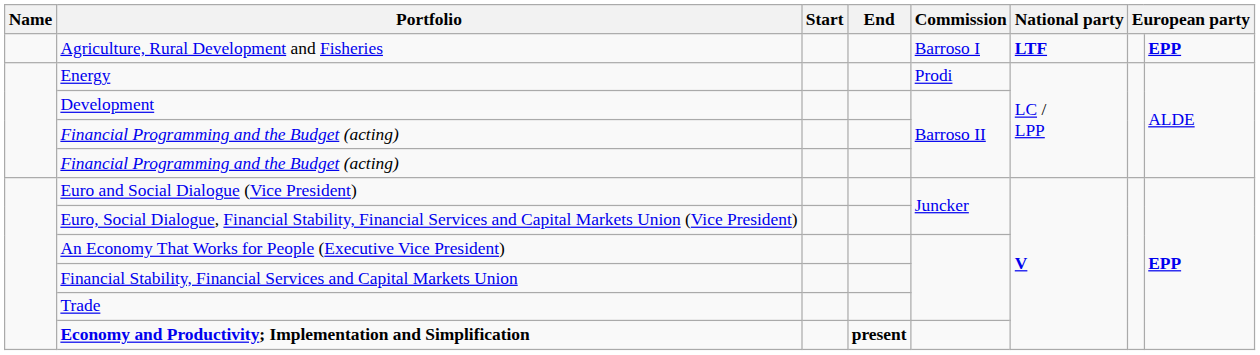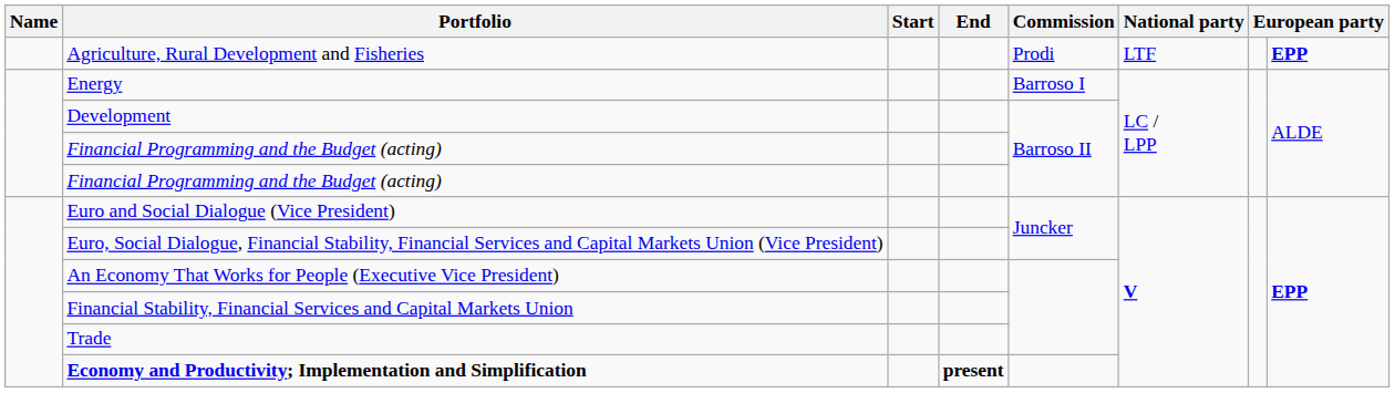 <table class="wikitable sortable" style="font-size: 90%;">
 <tr>
 <th>Name</th>
 <th>Portfolio</th>
 <th>Start</th>
 <th>End</th>
 <th>Commission</th>
 <th>National party</th>
 <th colspan=2>European party</th>
 </tr>
 <tr>
 <td></td>
 <td><a href='#'>Agriculture, Rural Development</a> and <a href='#'>Fisheries</a></td>
 <td></td>
 <td></td>
-<td><a href='#'>Barroso I</a></td>
-<td><strong><a href='#'>LTF</a></strong></td>
+<td><a href='#'>Prodi</a></td>
+<td><a href='#'>LTF</a></td>
 <td style="background:"></td>
 <td><strong><a href='#'>EPP</a></strong></td>
 </tr>
 <tr>
 <td rowspan=4></td>
 <td><a href='#'>Energy</a></td>
 <td></td>
 <td></td>
-<td><a href='#'>Prodi</a></td>
+<td><a href='#'>Barroso I</a></td>
 <td rowspan=4><a href='#'>LC</a> /<br><a href='#'>LPP</a></td>
 <td rowspan=4 style="background:"></td>
 <td rowspan=4><a href='#'>ALDE</a></td>
 </tr>
 <tr>
 <td><a href='#'>Development</a></td>
 <td></td>
 <td></td>
 <td rowspan=3><a href='#'>Barroso II</a></td>
 </tr>
 <tr>
 <td><em><a href='#'>Financial Programming and the Budget</a> (acting)</em></td>
 <td><em></em></td>
 <td><em></em></td>
 </tr>
 <tr>
 <td><em><a href='#'>Financial Programming and the Budget</a> (acting)</em></td>
 <td><em></em></td>
 <td><em></em></td>
 </tr>
 <tr>
 <td rowspan=6><strong></strong></td>
 <td><a href='#'>Euro and Social Dialogue</a> (<a href='#'>Vice President</a>)</td>
 <td></td>
 <td></td>
 <td rowspan=2><a href='#'>Juncker</a></td>
 <td rowspan=6><strong><a href='#'>V</a></strong></td>
 <td rowspan=6 style="background:"></td>
 <td rowspan=6><strong><a href='#'>EPP</a></strong></td>
 </tr>
 <tr>
 <td><a href='#'>Euro, Social Dialogue</a>, <a href='#'>Financial Stability, Financial Services and Capital Markets Union</a> (<a href='#'>Vice President</a>)</td>
 <td></td>
 <td></td>
 </tr>
 <tr>
 <td><a href='#'>An Economy That Works for People</a> (<a href='#'>Executive Vice President</a>)</td>
 <td></td>
 <td></td>
 <td rowspan=3></td>
 </tr>
 <tr>
 <td><a href='#'>Financial Stability, Financial Services and Capital Markets Union</a></td>
 <td></td>
 <td></td>
 </tr>
 <tr>
 <td><a href='#'>Trade</a></td>
 <td></td>
 <td></td>
 </tr>
 <tr>
 <td><strong><a href='#'>Economy and Productivity</a>; Implementation and Simplification</strong></td>
 <td><strong></strong></td>
 <td><strong>present</strong></td>
 <td><strong></strong></td>
 </tr>
 </table>
